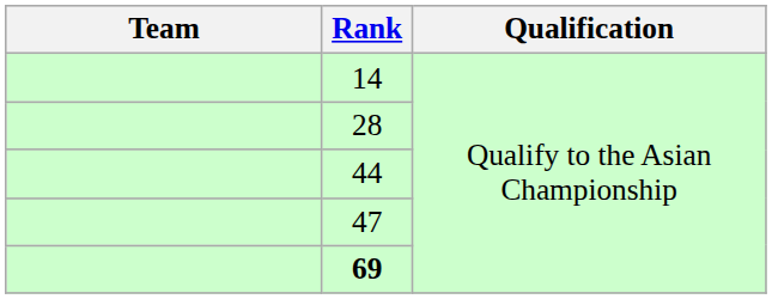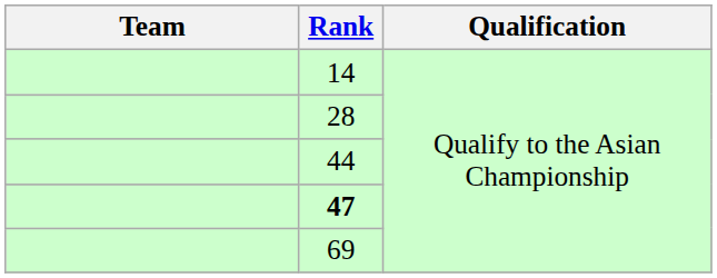 <table class=wikitable style="text-align:center;">
 <tr>
 <th width=160px>Team</th>
 <th width=40px><a href='#'>Rank</a></th>
 <th width=180px>Qualification</th>
 </tr>
 <tr bgcolor=#CCFFCC>
 <td align=left></td>
 <td>14</td>
 <td rowspan=5>Qualify to the Asian Championship</td>
 </tr>
 <tr bgcolor=#CCFFCC>
 <td align=left></td>
 <td>28</td>
 </tr>
 <tr bgcolor=#CCFFCC>
 <td align=left></td>
 <td>44</td>
 </tr>
 <tr bgcolor=#CCFFCC>
 <td align=left></td>
-<td>47</td>
+<td><strong>47</strong></td>
 </tr>
 <tr bgcolor=#CCFFCC>
 <td align=left></td>
-<td><strong>69</strong></td>
+<td>69</td>
 </tr>
 </table>
